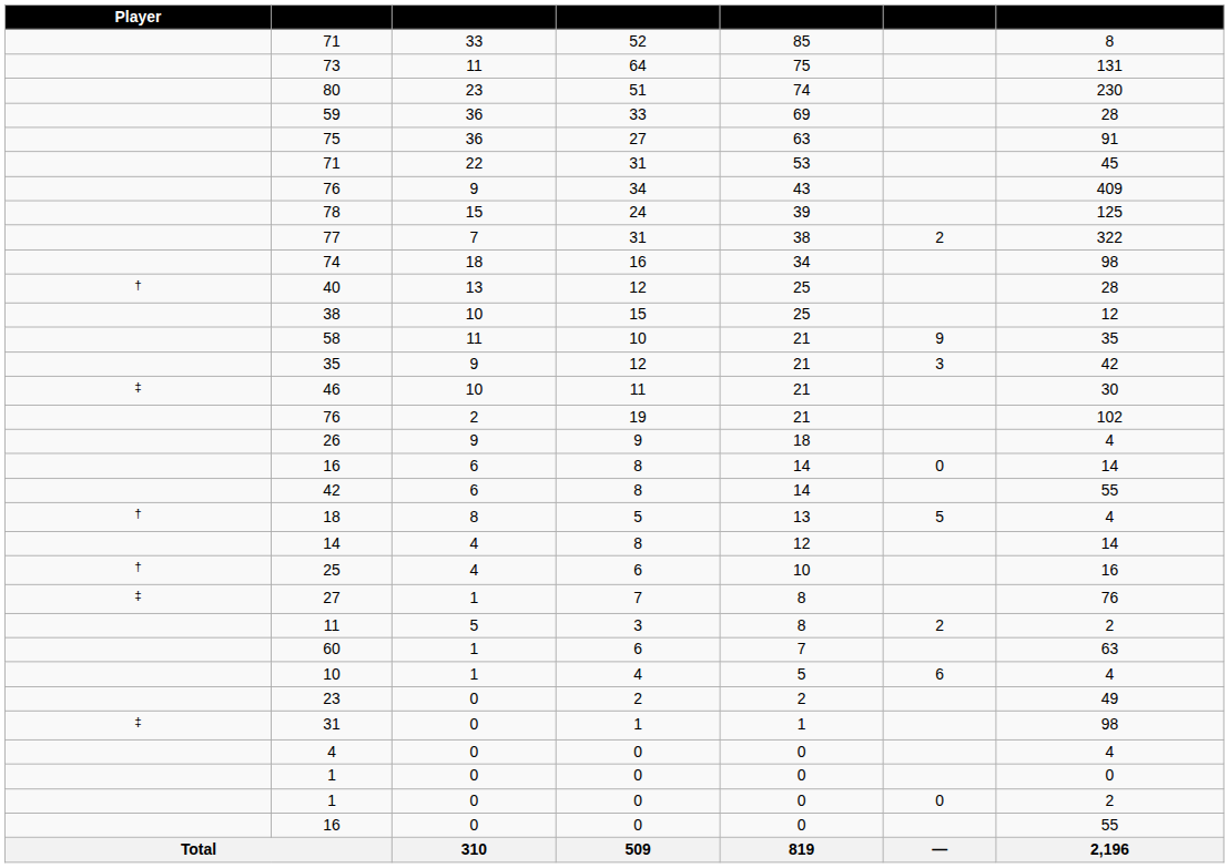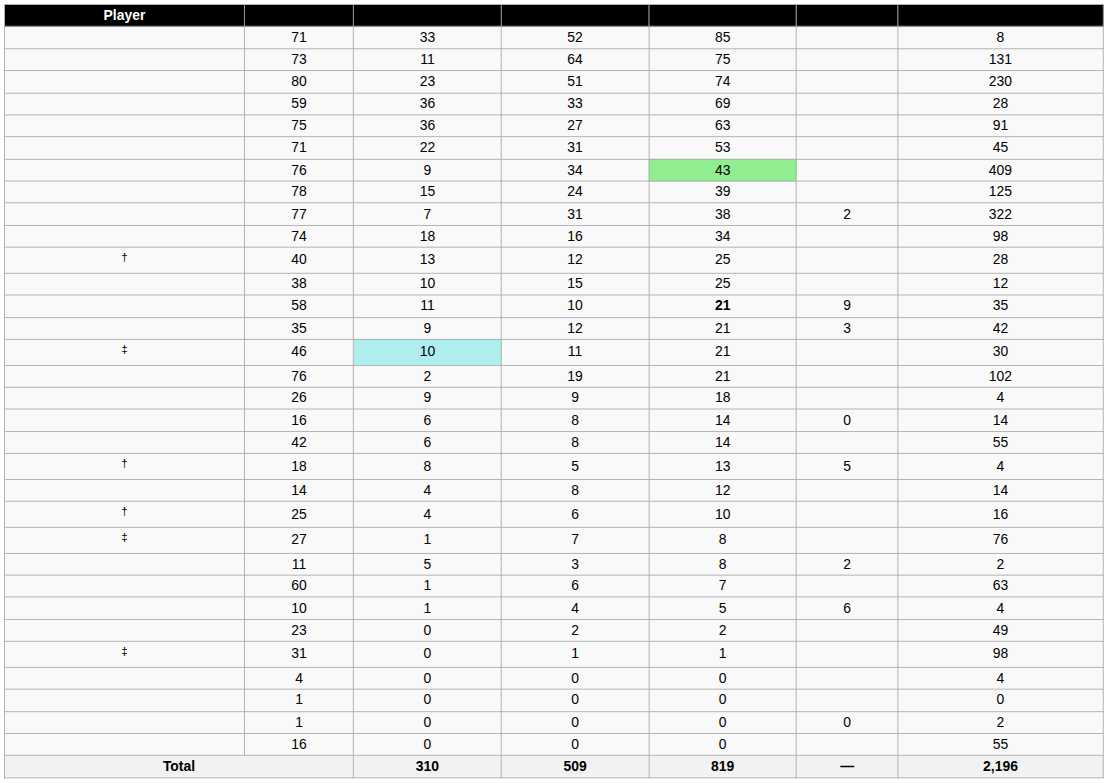 <table class="wikitable sortable" style="width:100%; text-align:center;">
 <tr align=center>
 <th style="color:white; background:#000000; ">Player</th>
 <th style="color:white; background:#000000; "></th>
 <th style="color:white; background:#000000; "></th>
 <th style="color:white; background:#000000; "></th>
 <th style="color:white; background:#000000; "></th>
 <th style="color:white; background:#000000; "></th>
 <th style="color:white; background:#000000; "></th>
 </tr>
 <tr>
 <td></td>
 <td>71</td>
 <td>33</td>
 <td>52</td>
 <td>85</td>
 <td></td>
 <td>8</td>
 </tr>
 <tr>
 <td></td>
 <td>73</td>
 <td>11</td>
 <td>64</td>
 <td>75</td>
 <td></td>
 <td>131</td>
 </tr>
 <tr>
 <td></td>
 <td>80</td>
 <td>23</td>
 <td>51</td>
 <td>74</td>
 <td></td>
 <td>230</td>
 </tr>
 <tr>
 <td></td>
 <td>59</td>
 <td>36</td>
 <td>33</td>
 <td>69</td>
 <td></td>
 <td>28</td>
 </tr>
 <tr>
 <td></td>
 <td>75</td>
 <td>36</td>
 <td>27</td>
 <td>63</td>
 <td></td>
 <td>91</td>
 </tr>
 <tr>
 <td></td>
 <td>71</td>
 <td>22</td>
 <td>31</td>
 <td>53</td>
 <td></td>
 <td>45</td>
 </tr>
 <tr>
 <td></td>
 <td>76</td>
 <td>9</td>
 <td>34</td>
-<td>43</td>
+<td style="background: lightgreen;">43</td>
 <td></td>
 <td>409</td>
 </tr>
 <tr>
 <td></td>
 <td>78</td>
 <td>15</td>
 <td>24</td>
 <td>39</td>
 <td></td>
 <td>125</td>
 </tr>
 <tr>
 <td></td>
 <td>77</td>
 <td>7</td>
 <td>31</td>
 <td>38</td>
 <td>2</td>
 <td>322</td>
 </tr>
 <tr>
 <td></td>
 <td>74</td>
 <td>18</td>
 <td>16</td>
 <td>34</td>
 <td></td>
 <td>98</td>
 </tr>
 <tr>
 <td><sup>†</sup></td>
 <td>40</td>
 <td>13</td>
 <td>12</td>
 <td>25</td>
 <td></td>
 <td>28</td>
 </tr>
 <tr>
 <td></td>
 <td>38</td>
 <td>10</td>
 <td>15</td>
 <td>25</td>
 <td></td>
 <td>12</td>
 </tr>
 <tr>
 <td></td>
 <td>58</td>
 <td>11</td>
 <td>10</td>
-<td>21</td>
+<td><strong>21</strong></td>
 <td>9</td>
 <td>35</td>
 </tr>
 <tr>
 <td></td>
 <td>35</td>
 <td>9</td>
 <td>12</td>
 <td>21</td>
 <td>3</td>
 <td>42</td>
 </tr>
 <tr>
 <td><sup>‡</sup></td>
 <td>46</td>
-<td>10</td>
+<td style="background: paleturquoise;">10</td>
 <td>11</td>
 <td>21</td>
 <td></td>
 <td>30</td>
 </tr>
 <tr>
 <td></td>
 <td>76</td>
 <td>2</td>
 <td>19</td>
 <td>21</td>
 <td></td>
 <td>102</td>
 </tr>
 <tr>
 <td></td>
 <td>26</td>
 <td>9</td>
 <td>9</td>
 <td>18</td>
 <td></td>
 <td>4</td>
 </tr>
 <tr>
 <td></td>
 <td>16</td>
 <td>6</td>
 <td>8</td>
 <td>14</td>
 <td>0</td>
 <td>14</td>
 </tr>
 <tr>
 <td></td>
 <td>42</td>
 <td>6</td>
 <td>8</td>
 <td>14</td>
 <td></td>
 <td>55</td>
 </tr>
 <tr>
 <td><sup>†</sup></td>
 <td>18</td>
 <td>8</td>
 <td>5</td>
 <td>13</td>
 <td>5</td>
 <td>4</td>
 </tr>
 <tr>
 <td></td>
 <td>14</td>
 <td>4</td>
 <td>8</td>
 <td>12</td>
 <td></td>
 <td>14</td>
 </tr>
 <tr>
 <td><sup>†</sup></td>
 <td>25</td>
 <td>4</td>
 <td>6</td>
 <td>10</td>
 <td></td>
 <td>16</td>
 </tr>
 <tr>
 <td><sup>‡</sup></td>
 <td>27</td>
 <td>1</td>
 <td>7</td>
 <td>8</td>
 <td></td>
 <td>76</td>
 </tr>
 <tr>
 <td></td>
 <td>11</td>
 <td>5</td>
 <td>3</td>
 <td>8</td>
 <td>2</td>
 <td>2</td>
 </tr>
 <tr>
 <td></td>
 <td>60</td>
 <td>1</td>
 <td>6</td>
 <td>7</td>
 <td></td>
 <td>63</td>
 </tr>
 <tr>
 <td></td>
 <td>10</td>
 <td>1</td>
 <td>4</td>
 <td>5</td>
 <td>6</td>
 <td>4</td>
 </tr>
 <tr>
 <td></td>
 <td>23</td>
 <td>0</td>
 <td>2</td>
 <td>2</td>
 <td></td>
 <td>49</td>
 </tr>
 <tr>
 <td><sup>‡</sup></td>
 <td>31</td>
 <td>0</td>
 <td>1</td>
 <td>1</td>
 <td></td>
 <td>98</td>
 </tr>
 <tr>
 <td></td>
 <td>4</td>
 <td>0</td>
 <td>0</td>
 <td>0</td>
 <td></td>
 <td>4</td>
 </tr>
 <tr>
 <td></td>
 <td>1</td>
 <td>0</td>
 <td>0</td>
 <td>0</td>
 <td></td>
 <td>0</td>
 </tr>
 <tr>
 <td></td>
 <td>1</td>
 <td>0</td>
 <td>0</td>
 <td>0</td>
 <td>0</td>
 <td>2</td>
 </tr>
 <tr>
 <td></td>
 <td>16</td>
 <td>0</td>
 <td>0</td>
 <td>0</td>
 <td></td>
 <td>55</td>
 </tr>
 <tr class="sortbottom">
 <th colspan=2>Total</th>
 <th>310</th>
 <th>509</th>
 <th>819</th>
 <th>—</th>
 <th>2,196</th>
 </tr>
 </table>
